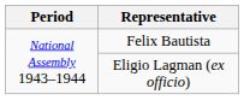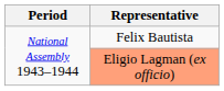 <table class="wikitable" style="text-align:center; width:40%;">
 <tr>
 <th width="40%">Period</th>
 <th>Representative</th>
 </tr>
 <tr>
 <td rowspan="2"><small><a href='#'><em>National Assembly</em></a></small><br>1943–1944</td>
 <td>Felix Bautista</td>
 </tr>
 <tr>
-<td>Eligio Lagman (<em>ex officio</em>)</td>
+<td style="background: lightsalmon;">Eligio Lagman (<em>ex officio</em>)</td>
 </tr>
 </table>
